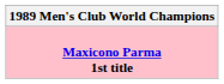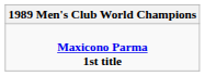 <table class="wikitable" style="text-align:center; margin:auto">
 <tr>
 <th>1989 Men's Club World Champions</th>
 </tr>
 <tr>
-<td style="background: pink;"><br><strong><a href='#'>Maxicono Parma</a></strong><br><strong>1st title</strong></td>
+<td><br><strong><a href='#'>Maxicono Parma</a></strong><br><strong>1st title</strong></td>
 </tr>
 </table>
